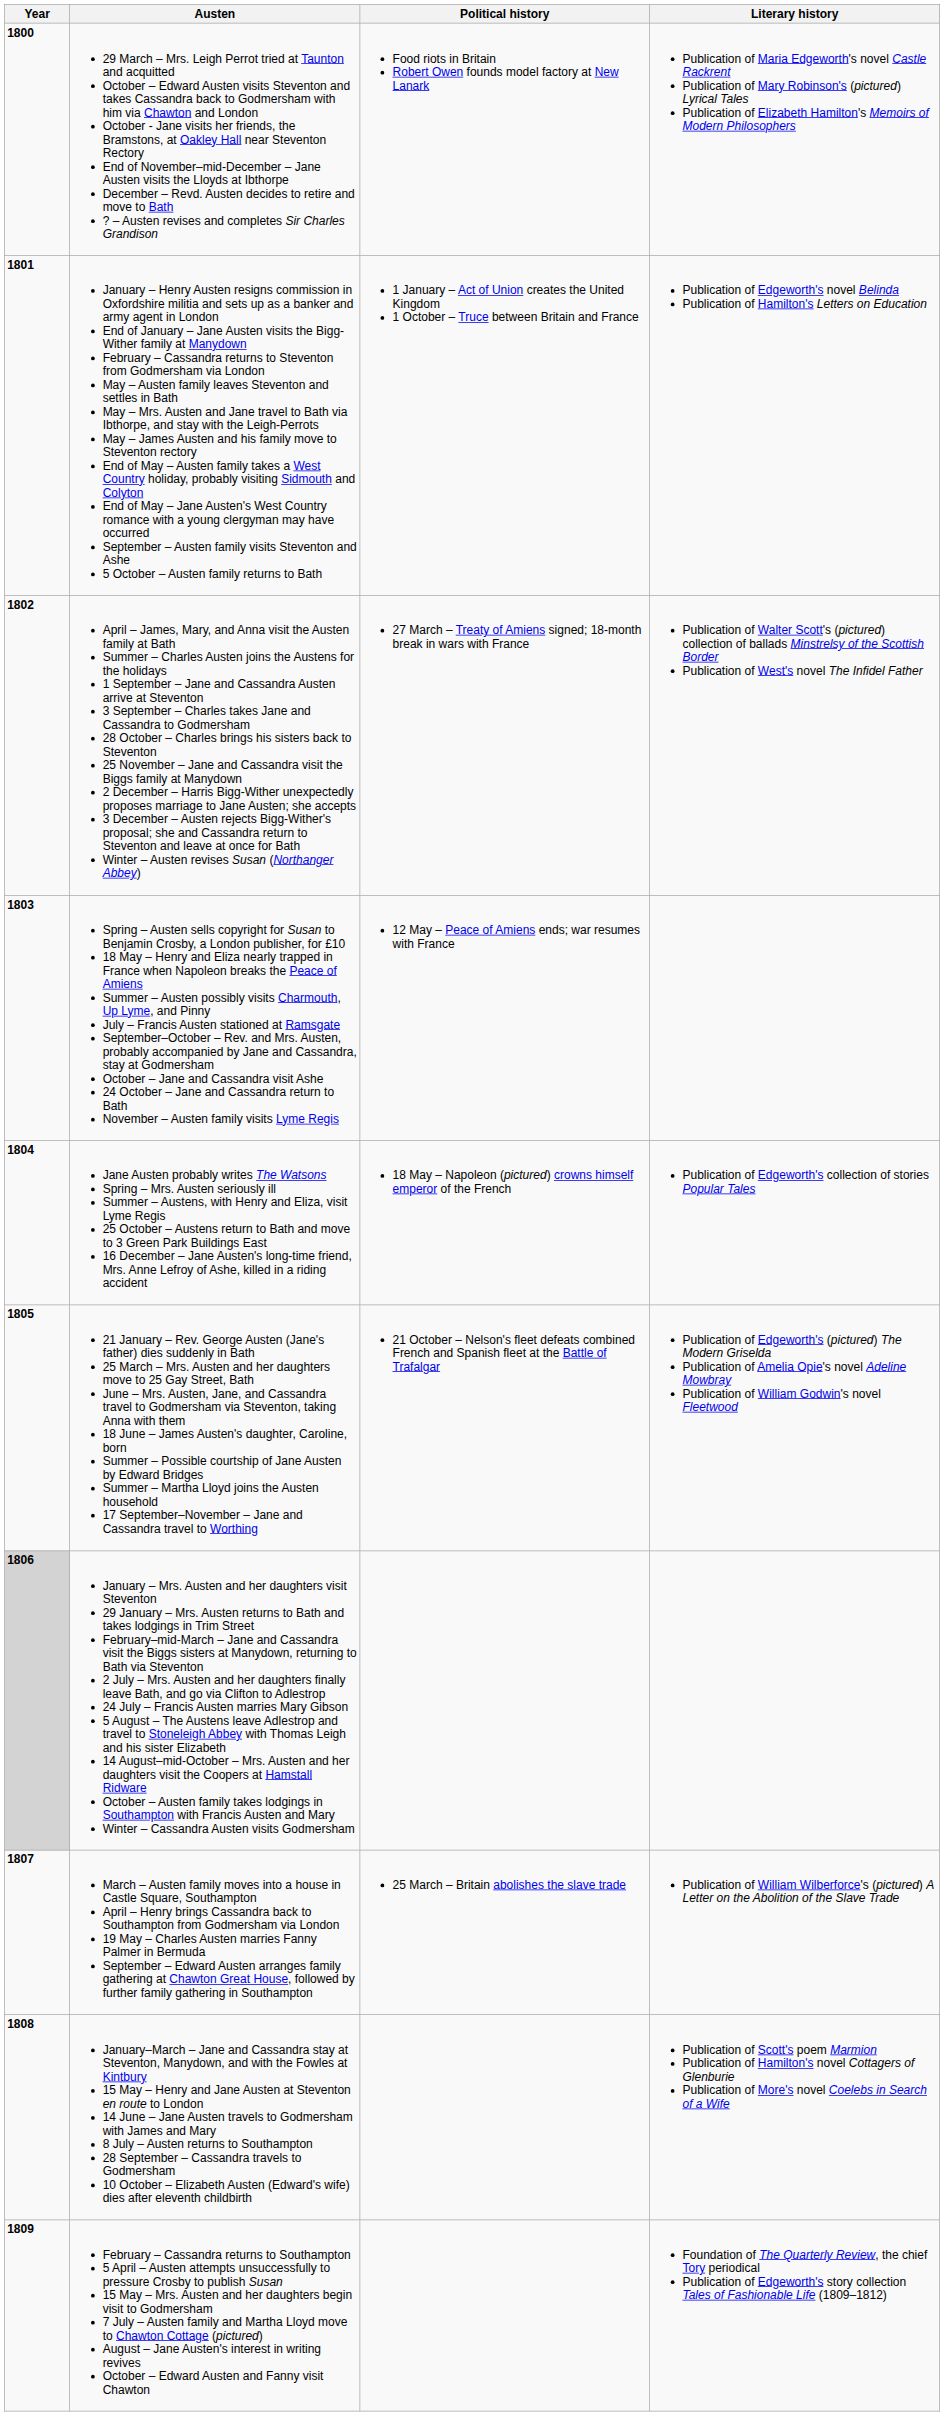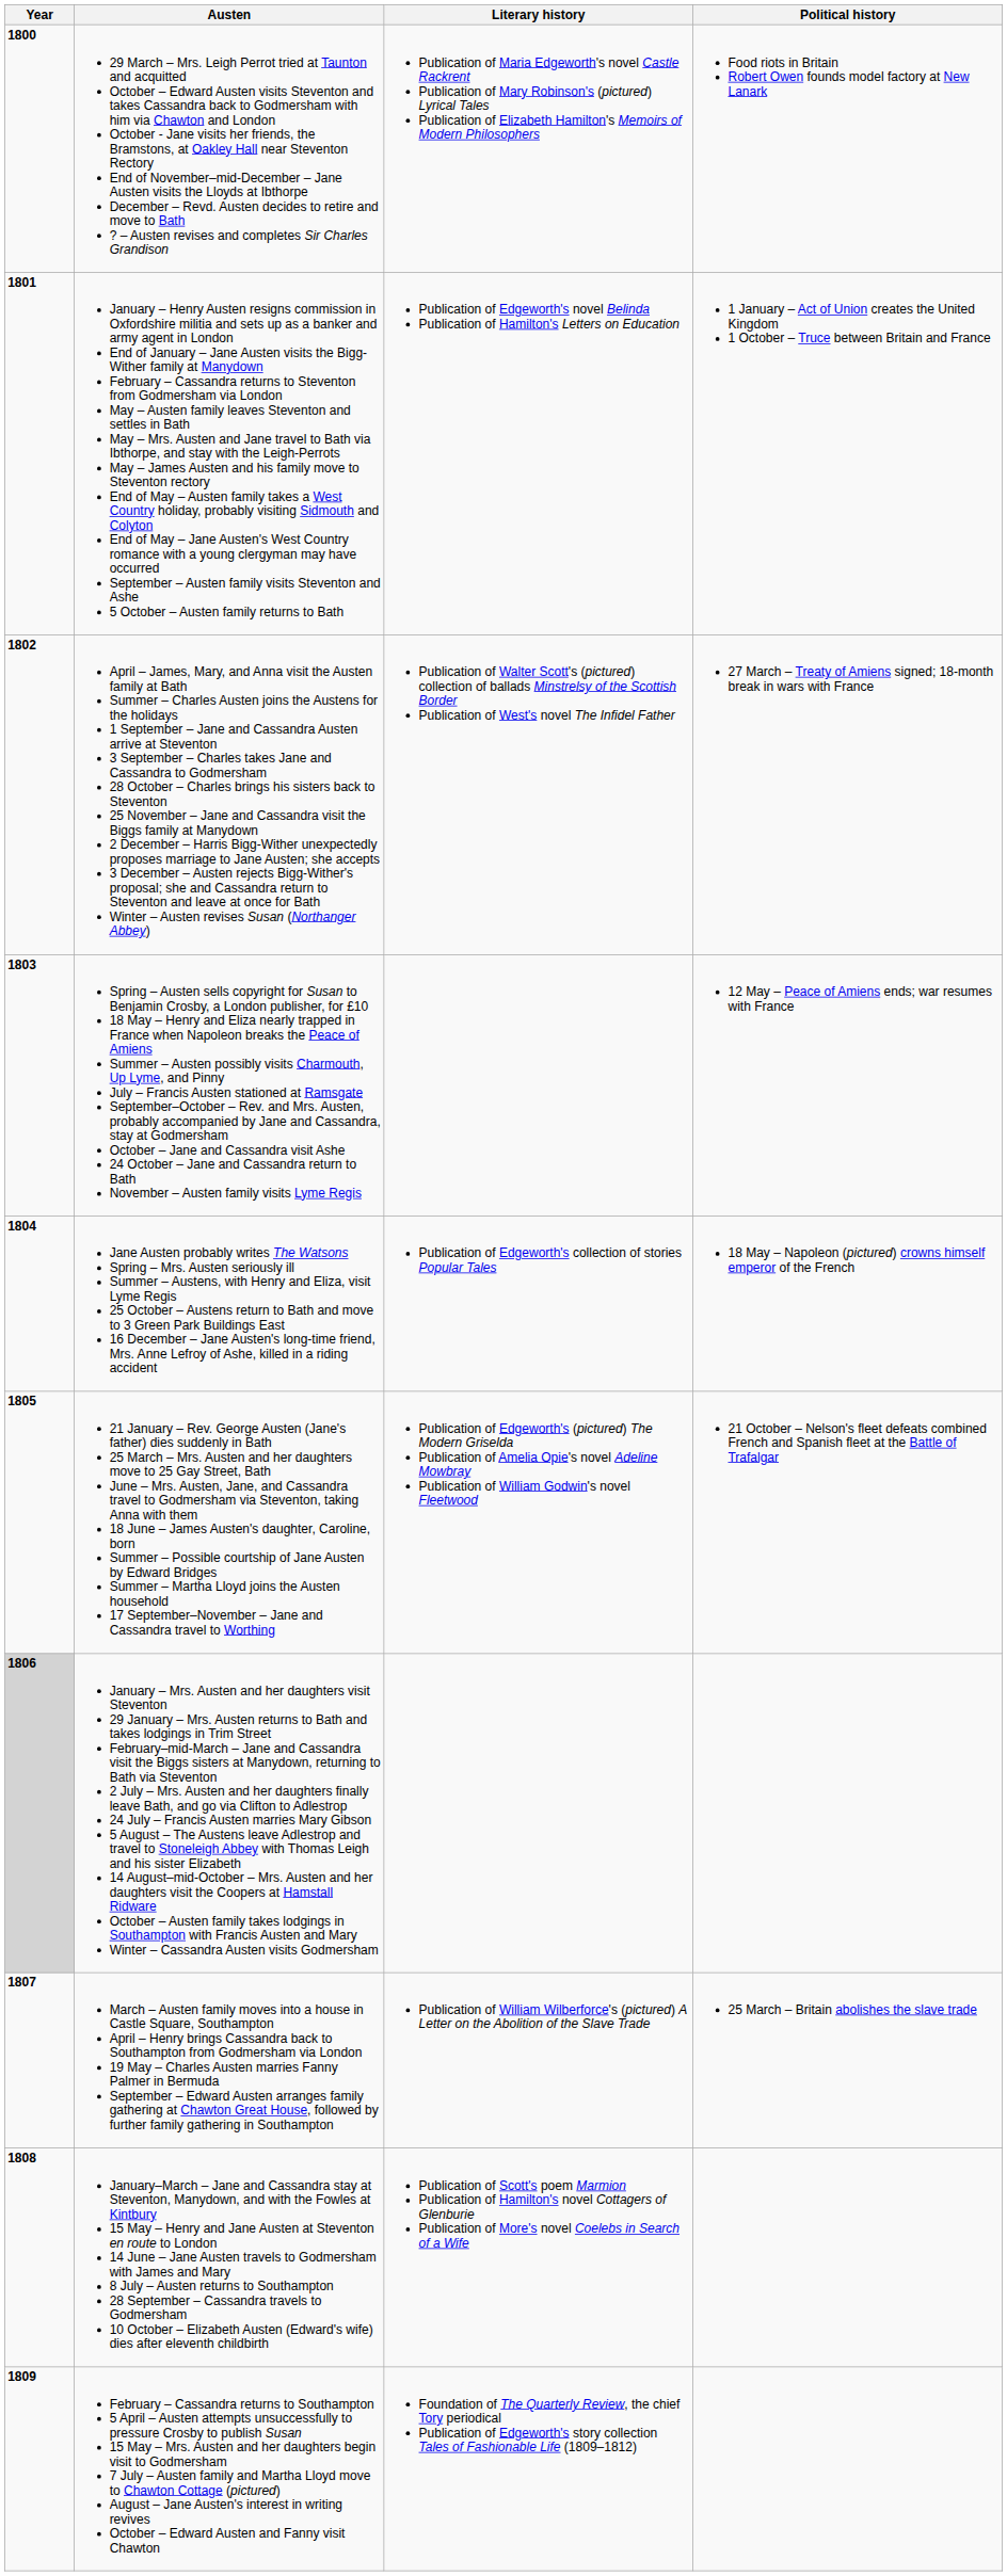 <table class="wikitable">
 <tr valign="top">
 <th scope="col">Year</th>
 <th scope="col" style="width:31%;">Austen</th>
+<th scope="col" style="width:31%;">Literary history</th>
 <th scope="col" style="width:31%;">Political history</th>
-<th scope="col" style="width:31%;">Literary history</th>
 </tr>
 <tr valign="top">
 <td scope="row"><strong>1800</strong></td>
 <td><br><ul><li>29 March – Mrs. Leigh Perrot tried at <a href='#'>Taunton</a> and acquitted</li><li>October – Edward Austen visits Steventon and takes Cassandra back to Godmersham with him via <a href='#'>Chawton</a> and London</li><li>October - Jane visits her friends, the Bramstons, at <a href='#'>Oakley Hall</a> near Steventon Rectory</li><li>End of November–mid-December – Jane Austen visits the Lloyds at Ibthorpe</li><li>December – Revd. Austen decides to retire and move to <a href='#'>Bath</a></li><li>? – Austen revises and completes <em>Sir Charles Grandison</em></li></ul></td>
+<td><br><ul><li>Publication of <a href='#'>Maria Edgeworth</a>'s novel <em><a href='#'>Castle Rackrent</a></em></li><li>Publication of <a href='#'>Mary Robinson's</a> (<em>pictured</em>) <em>Lyrical Tales</em></li><li>Publication of <a href='#'>Elizabeth Hamilton</a>'s <em><a href='#'>Memoirs of Modern Philosophers</a></em></li></ul></td>
 <td><br><ul><li>Food riots in Britain</li><li><a href='#'>Robert Owen</a> founds model factory at <a href='#'>New Lanark</a></li></ul></td>
-<td><br><ul><li>Publication of <a href='#'>Maria Edgeworth</a>'s novel <em><a href='#'>Castle Rackrent</a></em></li><li>Publication of <a href='#'>Mary Robinson's</a> (<em>pictured</em>) <em>Lyrical Tales</em></li><li>Publication of <a href='#'>Elizabeth Hamilton</a>'s <em><a href='#'>Memoirs of Modern Philosophers</a></em></li></ul></td>
 </tr>
 <tr valign="top">
 <td scope="row"><strong>1801</strong></td>
 <td><br><ul><li>January – Henry Austen resigns commission in Oxfordshire militia and sets up as a banker and army agent in London</li><li>End of January – Jane Austen visits the Bigg-Wither family at <a href='#'>Manydown</a></li><li>February – Cassandra returns to Steventon from Godmersham via London</li><li>May – Austen family leaves Steventon and settles in Bath</li><li>May – Mrs. Austen and Jane travel to Bath via Ibthorpe, and stay with the Leigh-Perrots</li><li>May – James Austen and his family move to Steventon rectory</li><li>End of May – Austen family takes a <a href='#'>West Country</a> holiday, probably visiting <a href='#'>Sidmouth</a> and <a href='#'>Colyton</a></li><li>End of May – Jane Austen's West Country romance with a young clergyman may have occurred</li><li>September – Austen family visits Steventon and Ashe</li><li>5 October – Austen family returns to Bath</li></ul></td>
+<td><br><ul><li>Publication of <a href='#'>Edgeworth's</a> novel <em><a href='#'>Belinda</a></em></li><li>Publication of <a href='#'>Hamilton's</a> <em>Letters on Education</em></li></ul></td>
 <td><br><ul><li>1 January – <a href='#'>Act of Union</a> creates the United Kingdom</li><li>1 October – <a href='#'>Truce</a> between Britain and France</li></ul></td>
-<td><br><ul><li>Publication of <a href='#'>Edgeworth's</a> novel <em><a href='#'>Belinda</a></em></li><li>Publication of <a href='#'>Hamilton's</a> <em>Letters on Education</em></li></ul></td>
 </tr>
 <tr valign="top">
 <td scope="row"><strong>1802</strong></td>
 <td><br><ul><li>April – James, Mary, and Anna visit the Austen family at Bath</li><li>Summer – Charles Austen joins the Austens for the holidays</li><li>1 September – Jane and Cassandra Austen arrive at Steventon</li><li>3 September – Charles takes Jane and Cassandra to Godmersham</li><li>28 October – Charles brings his sisters back to Steventon</li><li>25 November – Jane and Cassandra visit the Biggs family at Manydown</li><li>2 December – Harris Bigg-Wither unexpectedly proposes marriage to Jane Austen; she accepts</li><li>3 December – Austen rejects Bigg-Wither's proposal; she and Cassandra return to Steventon and leave at once for Bath</li><li>Winter – Austen revises <em>Susan</em> (<em><a href='#'>Northanger Abbey</a></em>)</li></ul></td>
+<td><br><ul><li>Publication of <a href='#'>Walter Scott</a>'s (<em>pictured</em>) collection of ballads <em><a href='#'>Minstrelsy of the Scottish Border</a></em></li><li>Publication of <a href='#'>West's</a> novel <em>The Infidel Father</em></li></ul></td>
 <td><br><ul><li>27 March – <a href='#'>Treaty of Amiens</a> signed; 18-month break in wars with France</li></ul></td>
-<td><br><ul><li>Publication of <a href='#'>Walter Scott</a>'s (<em>pictured</em>) collection of ballads <em><a href='#'>Minstrelsy of the Scottish Border</a></em></li><li>Publication of <a href='#'>West's</a> novel <em>The Infidel Father</em></li></ul></td>
 </tr>
 <tr valign="top">
 <td scope="row"><strong>1803</strong></td>
 <td><br><ul><li>Spring – Austen sells copyright for <em>Susan</em> to Benjamin Crosby, a London publisher, for £10</li><li>18 May – Henry and Eliza nearly trapped in France when Napoleon breaks the <a href='#'>Peace of Amiens</a></li><li>Summer – Austen possibly visits <a href='#'>Charmouth</a>, <a href='#'>Up Lyme</a>, and Pinny</li><li>July – Francis Austen stationed at <a href='#'>Ramsgate</a></li><li>September–October – Rev. and Mrs. Austen, probably accompanied by Jane and Cassandra, stay at Godmersham</li><li>October – Jane and Cassandra visit Ashe</li><li>24 October – Jane and Cassandra return to Bath</li><li>November – Austen family visits <a href='#'>Lyme Regis</a></li></ul></td>
+<td></td>
 <td><br><ul><li>12 May – <a href='#'>Peace of Amiens</a> ends; war resumes with France</li></ul></td>
-<td></td>
 </tr>
 <tr valign="top">
 <td scope="row"><strong>1804</strong></td>
 <td><br><ul><li>Jane Austen probably writes <em><a href='#'>The Watsons</a></em></li><li>Spring – Mrs. Austen seriously ill</li><li>Summer – Austens, with Henry and Eliza, visit Lyme Regis</li><li>25 October – Austens return to Bath and move to 3 Green Park Buildings East</li><li>16 December – Jane Austen's long-time friend, Mrs. Anne Lefroy of Ashe, killed in a riding accident</li></ul></td>
+<td><br><ul><li>Publication of <a href='#'>Edgeworth's</a> collection of stories <em><a href='#'>Popular Tales</a></em></li></ul></td>
 <td><br><ul><li>18 May – Napoleon (<em>pictured</em>) <a href='#'>crowns himself emperor</a> of the French</li></ul></td>
-<td><br><ul><li>Publication of <a href='#'>Edgeworth's</a> collection of stories <em><a href='#'>Popular Tales</a></em></li></ul></td>
 </tr>
 <tr valign="top">
 <td scope="row"><strong>1805</strong></td>
 <td><br><ul><li>21 January – Rev. George Austen (Jane's father) dies suddenly in Bath</li><li>25 March – Mrs. Austen and her daughters move to 25 Gay Street, Bath</li><li>June – Mrs. Austen, Jane, and Cassandra travel to Godmersham via Steventon, taking Anna with them</li><li>18 June – James Austen's daughter, Caroline, born</li><li>Summer – Possible courtship of Jane Austen by Edward Bridges</li><li>Summer – Martha Lloyd joins the Austen household</li><li>17 September–November – Jane and Cassandra travel to <a href='#'>Worthing</a></li></ul></td>
+<td><br><ul><li>Publication of <a href='#'>Edgeworth's</a> (<em>pictured</em>) <em>The Modern Griselda</em></li><li>Publication of <a href='#'>Amelia Opie</a>'s novel <em><a href='#'>Adeline Mowbray</a></em></li><li>Publication of <a href='#'>William Godwin</a>'s novel <em><a href='#'>Fleetwood</a></em></li></ul></td>
 <td><br><ul><li>21 October – Nelson's fleet defeats combined French and Spanish fleet at the <a href='#'>Battle of Trafalgar</a></li></ul></td>
-<td><br><ul><li>Publication of <a href='#'>Edgeworth's</a> (<em>pictured</em>) <em>The Modern Griselda</em></li><li>Publication of <a href='#'>Amelia Opie</a>'s novel <em><a href='#'>Adeline Mowbray</a></em></li><li>Publication of <a href='#'>William Godwin</a>'s novel <em><a href='#'>Fleetwood</a></em></li></ul></td>
 </tr>
 <tr valign="top">
 <td scope="row" style="background: lightgrey;"><strong>1806</strong></td>
 <td><br><ul><li>January – Mrs. Austen and her daughters visit Steventon</li><li>29 January – Mrs. Austen returns to Bath and takes lodgings in Trim Street</li><li>February–mid-March – Jane and Cassandra visit the Biggs sisters at Manydown, returning to Bath via Steventon</li><li>2 July – Mrs. Austen and her daughters finally leave Bath, and go via Clifton to Adlestrop</li><li>24 July – Francis Austen marries Mary Gibson</li><li>5 August – The Austens leave Adlestrop and travel to <a href='#'>Stoneleigh Abbey</a> with Thomas Leigh and his sister Elizabeth</li><li>14 August–mid-October – Mrs. Austen and her daughters visit the Coopers at <a href='#'>Hamstall Ridware</a></li><li>October – Austen family takes lodgings in <a href='#'>Southampton</a> with Francis Austen and Mary</li><li>Winter – Cassandra Austen visits Godmersham</li></ul></td>
 <td></td>
 <td></td>
 </tr>
 <tr valign="top">
 <td scope="row"><strong>1807</strong></td>
 <td><br><ul><li>March – Austen family moves into a house in Castle Square, Southampton</li><li>April – Henry brings Cassandra back to Southampton from Godmersham via London</li><li>19 May – Charles Austen marries Fanny Palmer in Bermuda</li><li>September – Edward Austen arranges family gathering at <a href='#'>Chawton Great House</a>, followed by further family gathering in Southampton</li></ul></td>
+<td><br><ul><li>Publication of <a href='#'>William Wilberforce</a>'s (<em>pictured</em>) <em>A Letter on the Abolition of the Slave Trade</em></li></ul></td>
 <td><br><ul><li>25 March – Britain <a href='#'>abolishes the slave trade</a></li></ul></td>
-<td><br><ul><li>Publication of <a href='#'>William Wilberforce</a>'s (<em>pictured</em>) <em>A Letter on the Abolition of the Slave Trade</em></li></ul></td>
 </tr>
 <tr valign="top">
 <td scope="row"><strong>1808</strong></td>
 <td><br><ul><li>January–March – Jane and Cassandra stay at Steventon, Manydown, and with the Fowles at <a href='#'>Kintbury</a></li><li>15 May – Henry and Jane Austen at Steventon <em>en route</em> to London</li><li>14 June – Jane Austen travels to Godmersham with James and Mary</li><li>8 July – Austen returns to Southampton</li><li>28 September – Cassandra travels to Godmersham</li><li>10 October – Elizabeth Austen (Edward's wife) dies after eleventh childbirth</li></ul></td>
+<td><br><ul><li>Publication of <a href='#'>Scott's</a> poem <em><a href='#'>Marmion</a></em></li><li>Publication of <a href='#'>Hamilton's</a> novel <em>Cottagers of Glenburie</em></li><li>Publication of <a href='#'>More's</a> novel <em><a href='#'>Coelebs in Search of a Wife</a></em></li></ul></td>
 <td></td>
-<td><br><ul><li>Publication of <a href='#'>Scott's</a> poem <em><a href='#'>Marmion</a></em></li><li>Publication of <a href='#'>Hamilton's</a> novel <em>Cottagers of Glenburie</em></li><li>Publication of <a href='#'>More's</a> novel <em><a href='#'>Coelebs in Search of a Wife</a></em></li></ul></td>
 </tr>
 <tr valign="top">
 <td scope="row"><strong>1809</strong></td>
 <td><br><ul><li>February – Cassandra returns to Southampton</li><li>5 April – Austen attempts unsuccessfully to pressure Crosby to publish <em>Susan</em></li><li>15 May – Mrs. Austen and her daughters begin visit to Godmersham</li><li>7 July – Austen family and Martha Lloyd move to <a href='#'>Chawton Cottage</a> (<em>pictured</em>)</li><li>August – Jane Austen's interest in writing revives</li><li>October – Edward Austen and Fanny visit Chawton</li></ul></td>
+<td><br><ul><li>Foundation of <em><a href='#'>The Quarterly Review</a></em>, the chief <a href='#'>Tory</a> periodical</li><li>Publication of <a href='#'>Edgeworth's</a> story collection <em><a href='#'>Tales of Fashionable Life</a></em> (1809–1812)</li></ul></td>
 <td></td>
-<td><br><ul><li>Foundation of <em><a href='#'>The Quarterly Review</a></em>, the chief <a href='#'>Tory</a> periodical</li><li>Publication of <a href='#'>Edgeworth's</a> story collection <em><a href='#'>Tales of Fashionable Life</a></em> (1809–1812)</li></ul></td>
 </tr>
 </table>
